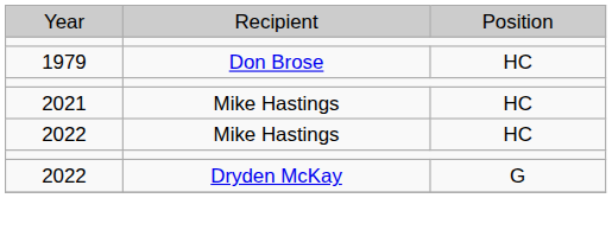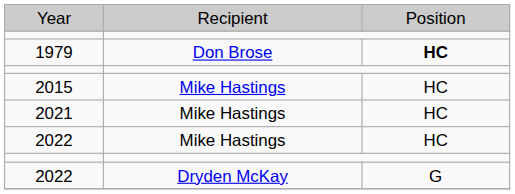 <table class="wikitable"; style="text-align:center; font-size: 95%; width:30em">
 <tr>
 <td style="background:#cccccc;">Year</td>
 <td style="background:#cccccc;">Recipient</td>
 <td style="background:#cccccc;">Position</td>
 </tr>
 <tr>
 <td><a href='#'></a></td>
 </tr>
 <tr>
 <td>1979</td>
 <td><a href='#'>Don Brose</a></td>
-<td>HC</td>
+<td><strong>HC</strong></td>
 </tr>
 <tr>
 <td><a href='#'></a></td>
+</tr>
+<tr>
+<td>2015</td>
+<td><a href='#'>Mike Hastings</a></td>
+<td>HC</td>
 </tr>
 <tr>
 <td>2021</td>
 <td>Mike Hastings</td>
 <td>HC</td>
 </tr>
 <tr>
 <td>2022</td>
 <td>Mike Hastings</td>
 <td>HC</td>
 </tr>
 <tr>
 <td><a href='#'></a></td>
 </tr>
 <tr>
 <td>2022</td>
 <td><a href='#'>Dryden McKay</a></td>
 <td>G</td>
 </tr>
 <tr>
 </tr>
 </table>
